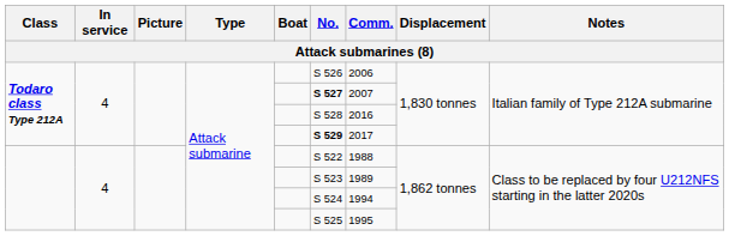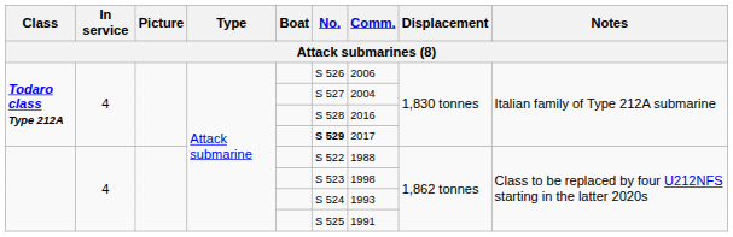 <table class="wikitable">
 <tr>
 <th>Class</th>
 <th>In service</th>
 <th>Picture</th>
 <th>Type</th>
 <th>Boat</th>
 <th><a href='#'>No.</a></th>
 <th><a href='#'>Comm.</a></th>
 <th>Displacement</th>
 <th>Notes</th>
 </tr>
 <tr>
 <th colspan="9">Attack submarines (8)</th>
 </tr>
 <tr>
 <td rowspan="4"><a href='#'><strong><em>Todaro<em> class<strong></a><br></em><small>Type 212A</small><em></td>
 <td rowspan="4" style="text-align: center;"></strong>4<strong></td>
 <td rowspan="4"></td>
 <td rowspan="8"><a href='#'>Attack submarine</a></td>
 <td></em><small></small><em></td>
 <td><small>S 526</small></td>
 <td><small>2006</small></td>
 <td rowspan=4>1,830 tonnes</td>
 <td rowspan=4>Italian family of Type 212A submarine </td>
 </tr>
 <tr>
 <td><small></small></td>
-<td><strong><small>S 527</small></strong></td>
-<td><small>2007</small></td>
+<td><small>S 527</small></td>
+<td><small>2004</small></td>
 </tr>
 <tr>
 <td></em><small></small><em></td>
 <td><small>S 528</small></td>
 <td><small>2016</small></td>
 </tr>
 <tr>
 <td></em><small></small><em></td>
 <td><strong><small>S 529</small></strong></td>
 <td><small>2017</small></td>
 </tr>
 <tr>
 <td rowspan="4"></strong><strong></td>
 <td rowspan="4" style="text-align: center;"></strong>4<strong></td>
 <td rowspan="4"></td>
 <td><small></small></td>
 <td><small>S 522</small></td>
 <td><small>1988</small></td>
 <td rowspan=4>1,862 tonnes</td>
 <td rowspan=4>Class to be replaced by four <a href='#'>U212NFS</a> starting in the latter 2020s</td>
 </tr>
 <tr>
 <td><small></small></td>
 <td><small>S 523</small></td>
-<td><small>1989</small></td>
+<td><small>1998</small></td>
 </tr>
 <tr>
 <td><small></small></td>
 <td><small>S 524</small></td>
-<td><small>1994</small></td>
+<td><small>1993</small></td>
 </tr>
 <tr>
 <td><small></small></td>
 <td><small>S 525</small></td>
-<td><small>1995</small></td>
+<td><small>1991</small></td>
 </tr>
 </table>
